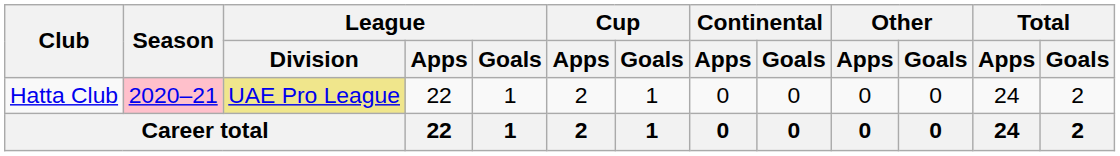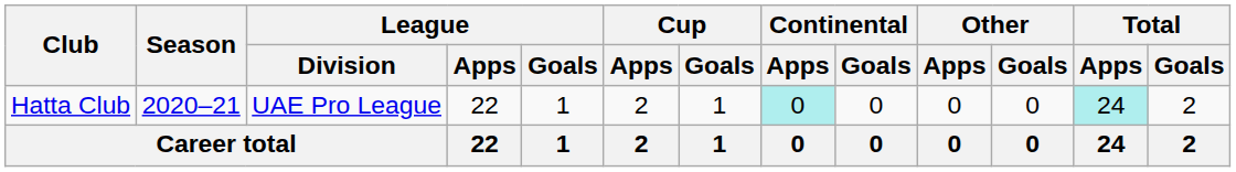 <table class="wikitable" style="text-align: center">
 <tr>
 <th rowspan="2">Club</th>
 <th rowspan="2">Season</th>
 <th colspan="3">League</th>
 <th colspan="2">Cup</th>
 <th colspan="2">Continental</th>
 <th colspan="2">Other</th>
 <th colspan="2">Total</th>
 </tr>
 <tr>
 <th>Division</th>
 <th>Apps</th>
 <th>Goals</th>
 <th>Apps</th>
 <th>Goals</th>
 <th>Apps</th>
 <th>Goals</th>
 <th>Apps</th>
 <th>Goals</th>
 <th>Apps</th>
 <th>Goals</th>
 </tr>
 <tr>
 <td><a href='#'>Hatta Club</a></td>
-<td style="background: pink;"><a href='#'>2020–21</a></td>
-<td style="background: khaki;"><a href='#'>UAE Pro League</a></td>
+<td><a href='#'>2020–21</a></td>
+<td><a href='#'>UAE Pro League</a></td>
 <td>22</td>
 <td>1</td>
 <td>2</td>
 <td>1</td>
+<td style="background: paleturquoise;">0</td>
 <td>0</td>
 <td>0</td>
 <td>0</td>
-<td>0</td>
-<td>24</td>
+<td style="background: paleturquoise;">24</td>
 <td>2</td>
 </tr>
 <tr>
 <th colspan="3"><strong>Career total</strong></th>
 <th>22</th>
 <th>1</th>
 <th>2</th>
 <th>1</th>
 <th>0</th>
 <th>0</th>
 <th>0</th>
 <th>0</th>
 <th>24</th>
 <th>2</th>
 </tr>
 </table>
